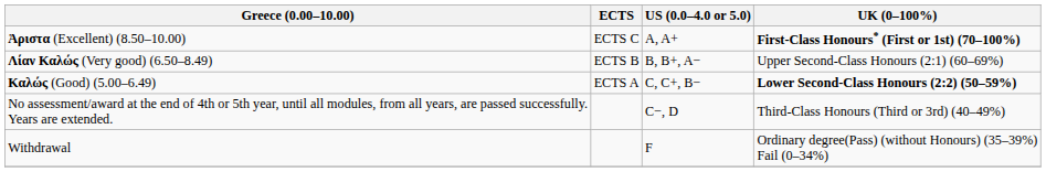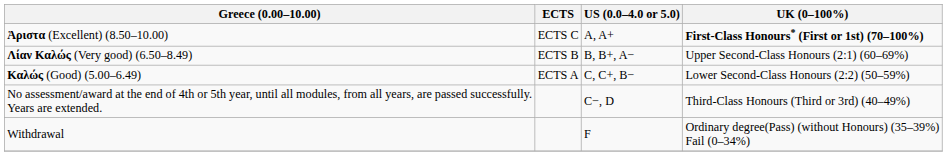 <table class="wikitable">
 <tr>
 <th>Greece (0.00–10.00)</th>
 <th>ECTS</th>
 <th>US (0.0–4.0 or 5.0)</th>
 <th>UK (0–100%)</th>
 </tr>
 <tr>
 <td><strong>Ἀριστα</strong> (Excellent) (8.50–10.00)</td>
 <td>ECTS C</td>
 <td>A, A+</td>
 <td><strong>First-Class Honours<sup>*</sup> (First or 1st) (70–100%)</strong></td>
 </tr>
 <tr>
 <td><strong>Λίαν Καλώς</strong> (Very good) (6.50–8.49)</td>
 <td>ECTS B</td>
 <td>B, B+, A−</td>
 <td>Upper Second-Class Honours (2:1) (60–69%)</td>
 </tr>
 <tr>
 <td><strong>Καλώς</strong> (Good) (5.00–6.49)</td>
 <td>ECTS A</td>
 <td>C, C+, B−</td>
-<td><strong>Lower Second-Class Honours (2:2) (50–59%)</strong></td>
+<td>Lower Second-Class Honours (2:2) (50–59%)</td>
 </tr>
 <tr>
 <td>No assessment/award at the end of 4th or 5th year, until all modules, from all years, are passed successfully.<br>Years are extended.</td>
 <td></td>
 <td>C−, D</td>
 <td>Third-Class Honours (Third or 3rd) (40–49%)</td>
 </tr>
 <tr>
 <td>Withdrawal</td>
 <td></td>
 <td>F</td>
 <td>Ordinary degree(Pass) (without Honours) (35–39%)<br> Fail (0–34%)</td>
 </tr>
 <tr>
 </tr>
 </table>
